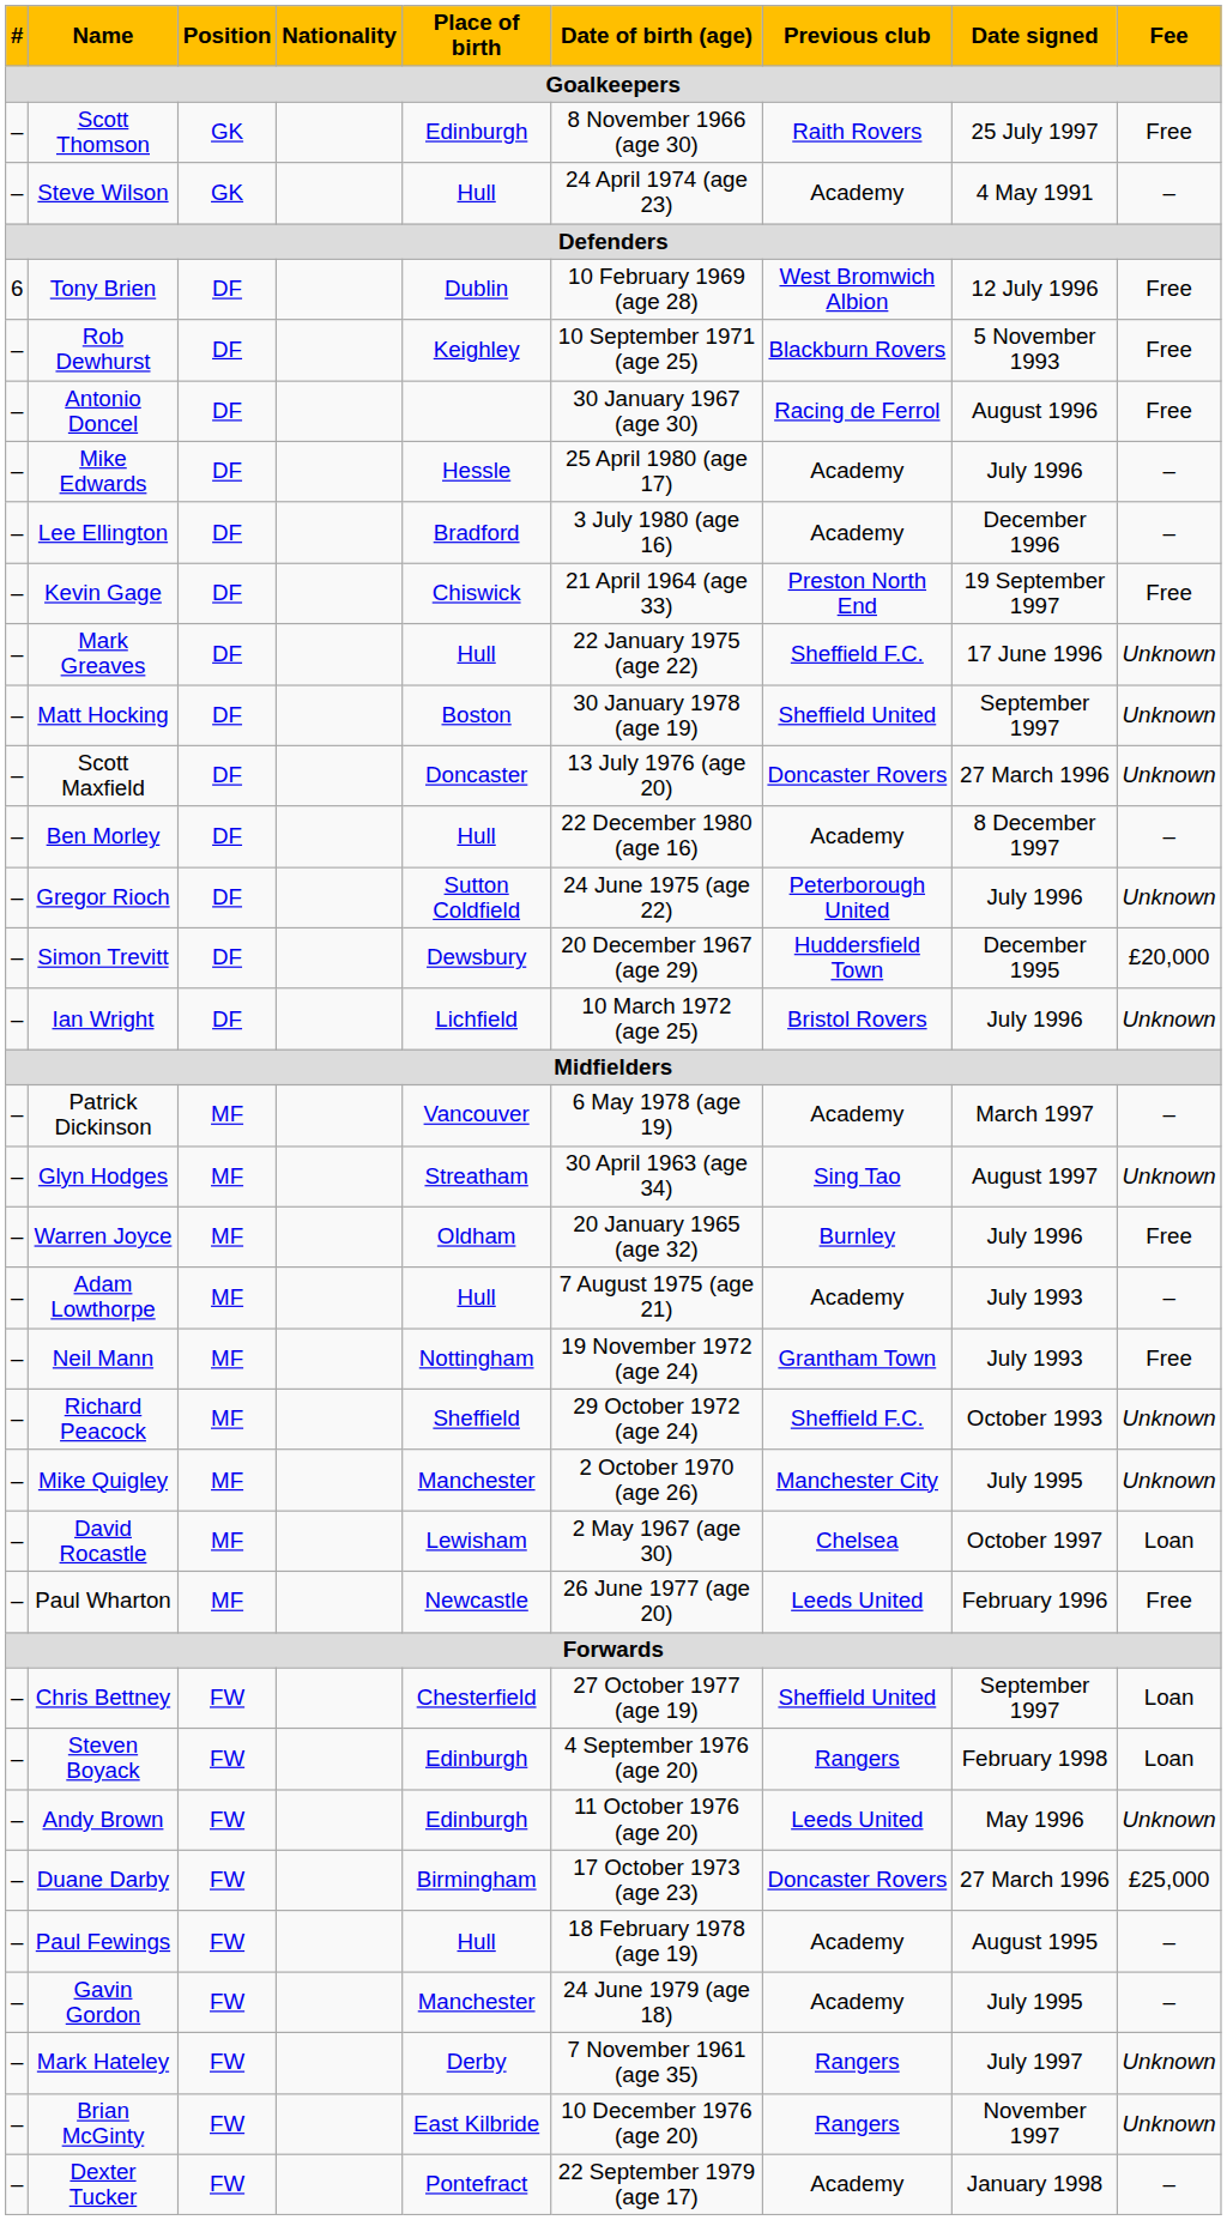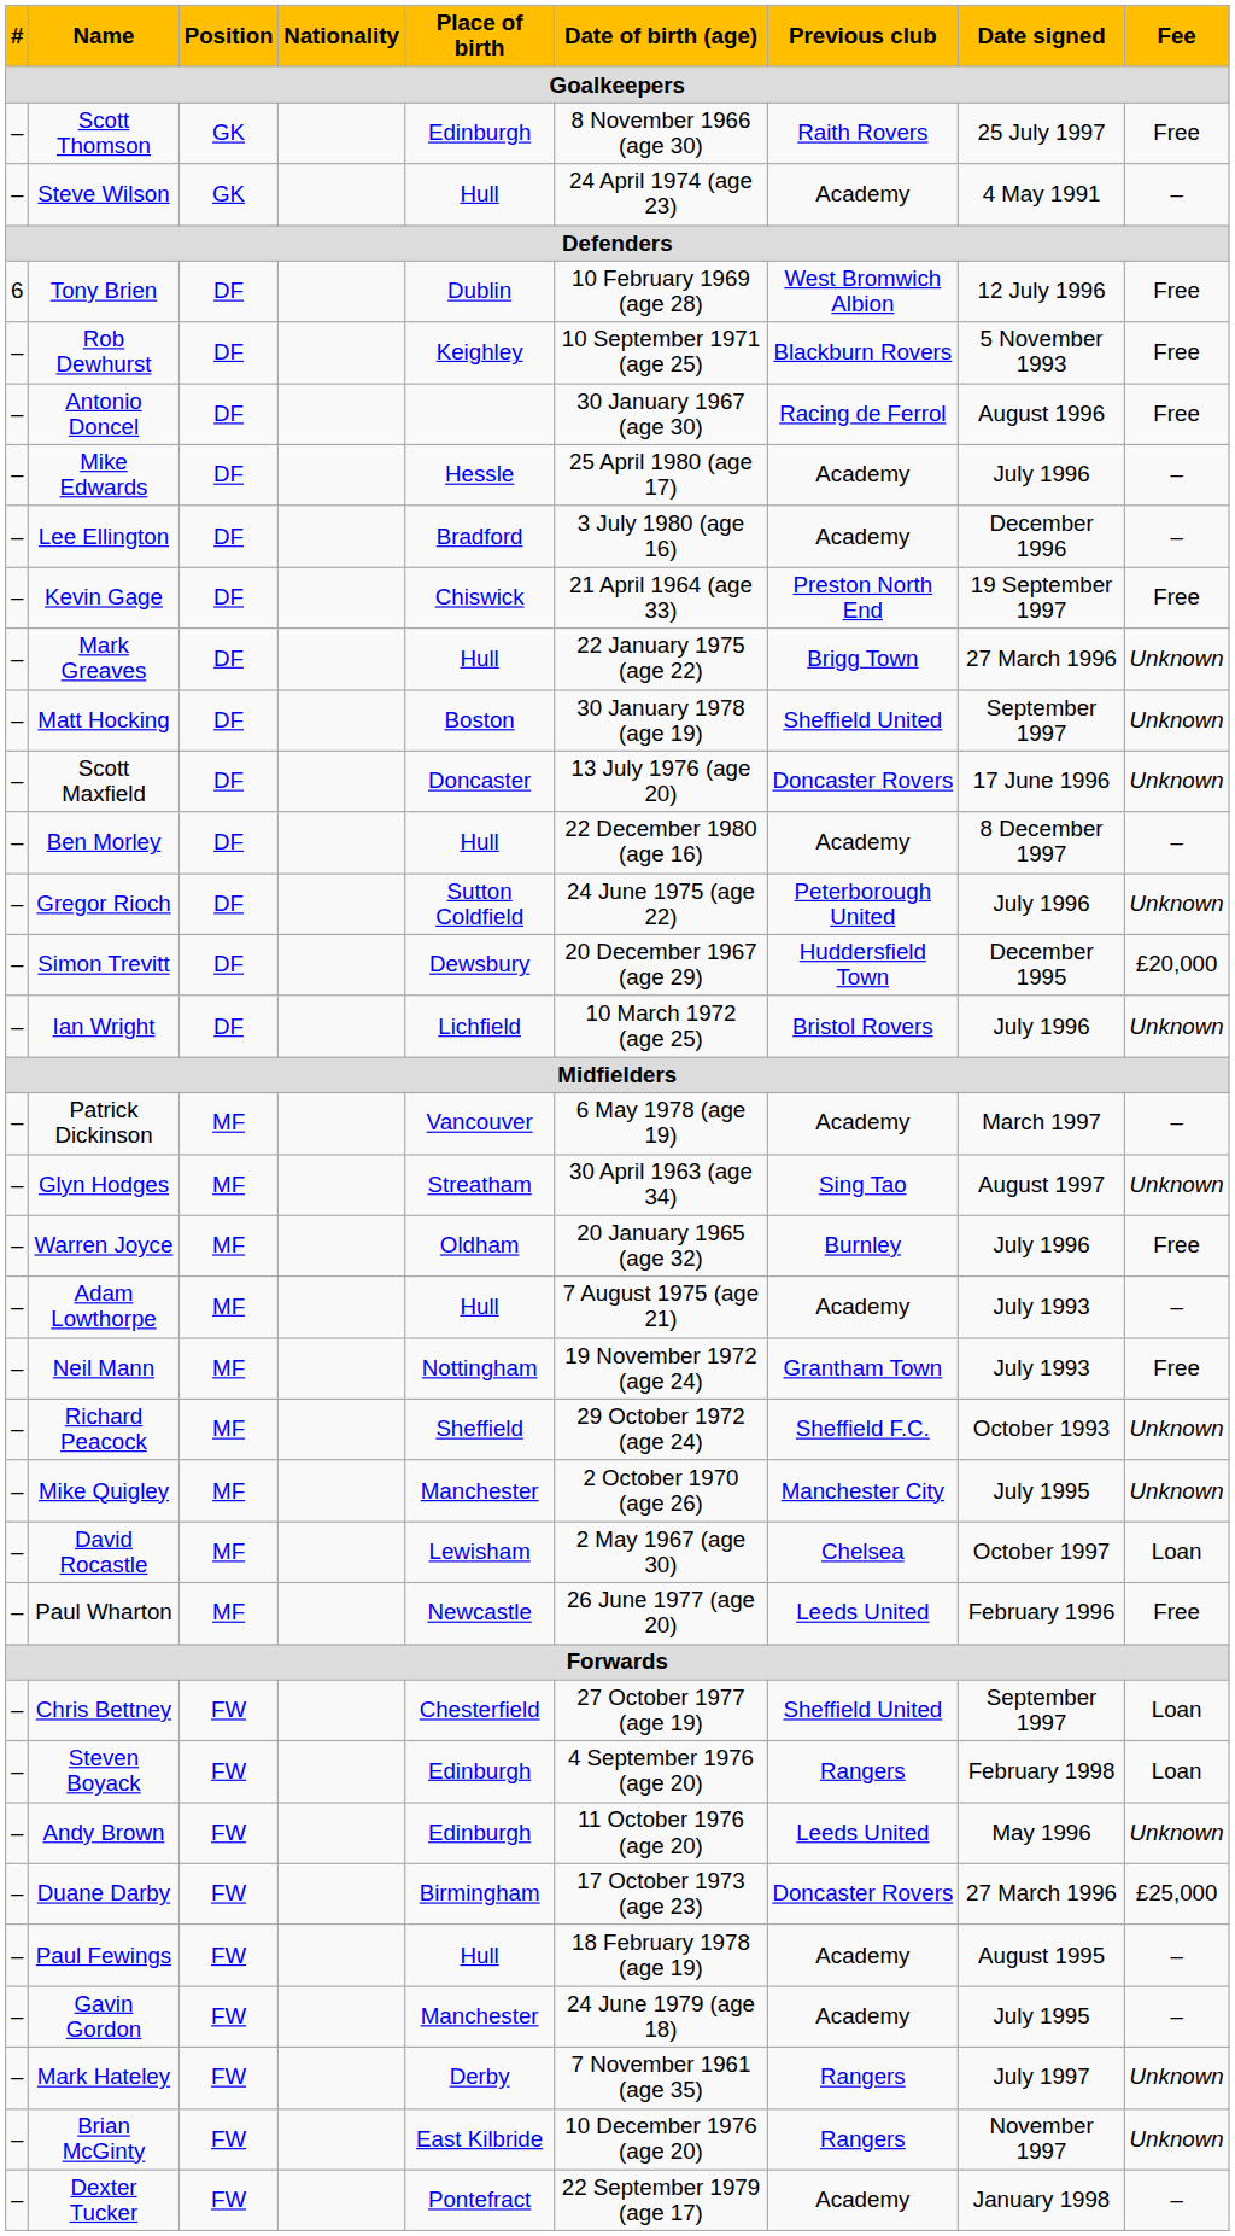 <table class="wikitable" style="text-align:center;">
 <tr>
 <th style="background:#ffbf00; color:#000000;">#</th>
 <th style="background:#ffbf00; color:#000000;">Name</th>
 <th style="background:#ffbf00; color:#000000;">Position</th>
 <th style="background:#ffbf00; color:#000000;">Nationality</th>
 <th style="background:#ffbf00; color:#000000;">Place of birth</th>
 <th style="background:#ffbf00; color:#000000;">Date of birth (age)</th>
 <th style="background:#ffbf00; color:#000000;">Previous club</th>
 <th style="background:#ffbf00; color:#000000;">Date signed</th>
 <th style="background:#ffbf00; color:#000000;">Fee</th>
 </tr>
 <tr>
 <th colspan="14" style="background:#dcdcdc; tepxt-align:center;">Goalkeepers</th>
 </tr>
 <tr>
 <td>–</td>
 <td><a href='#'>Scott Thomson</a></td>
 <td><a href='#'>GK</a></td>
 <td></td>
 <td><a href='#'>Edinburgh</a></td>
 <td>8 November 1966 (age 30)</td>
 <td> <a href='#'>Raith Rovers</a></td>
 <td>25 July 1997</td>
 <td>Free</td>
 </tr>
 <tr>
 <td>–</td>
 <td><a href='#'>Steve Wilson</a></td>
 <td><a href='#'>GK</a></td>
 <td></td>
 <td><a href='#'>Hull</a></td>
 <td>24 April 1974 (age 23)</td>
 <td>Academy</td>
 <td>4 May 1991</td>
 <td>–</td>
 </tr>
 <tr>
 <th colspan="14" style="background:#dcdcdc; tepxt-align:center;">Defenders</th>
 </tr>
 <tr>
 <td>6</td>
 <td><a href='#'>Tony Brien</a></td>
 <td><a href='#'>DF</a></td>
 <td></td>
 <td><a href='#'>Dublin</a></td>
 <td>10 February 1969 (age 28)</td>
 <td><a href='#'>West Bromwich Albion</a></td>
 <td>12 July 1996</td>
 <td>Free</td>
 </tr>
 <tr>
 <td>–</td>
 <td><a href='#'>Rob Dewhurst</a></td>
 <td><a href='#'>DF</a></td>
 <td></td>
 <td><a href='#'>Keighley</a></td>
 <td>10 September 1971 (age 25)</td>
 <td><a href='#'>Blackburn Rovers</a></td>
 <td>5 November 1993</td>
 <td>Free</td>
 </tr>
 <tr>
 <td>–</td>
 <td><a href='#'>Antonio Doncel</a></td>
 <td><a href='#'>DF</a></td>
 <td></td>
 <td></td>
 <td>30 January 1967 (age 30)</td>
 <td> <a href='#'>Racing de Ferrol</a></td>
 <td>August 1996</td>
 <td>Free</td>
 </tr>
 <tr>
 <td>–</td>
 <td><a href='#'>Mike Edwards</a></td>
 <td><a href='#'>DF</a></td>
 <td></td>
 <td><a href='#'>Hessle</a></td>
 <td>25 April 1980 (age 17)</td>
 <td>Academy</td>
 <td>July 1996</td>
 <td>–</td>
 </tr>
 <tr>
 <td>–</td>
 <td><a href='#'>Lee Ellington</a></td>
 <td><a href='#'>DF</a></td>
 <td></td>
 <td><a href='#'>Bradford</a></td>
 <td>3 July 1980 (age 16)</td>
 <td>Academy</td>
 <td>December 1996</td>
 <td>–</td>
 </tr>
 <tr>
 <td>–</td>
 <td><a href='#'>Kevin Gage</a></td>
 <td><a href='#'>DF</a></td>
 <td></td>
 <td><a href='#'>Chiswick</a></td>
 <td>21 April 1964 (age 33)</td>
 <td><a href='#'>Preston North End</a></td>
 <td>19 September 1997</td>
 <td>Free</td>
 </tr>
 <tr>
 <td>–</td>
 <td><a href='#'>Mark Greaves</a></td>
 <td><a href='#'>DF</a></td>
 <td></td>
 <td><a href='#'>Hull</a></td>
 <td>22 January 1975 (age 22)</td>
-<td><a href='#'>Sheffield F.C.</a></td>
-<td>17 June 1996</td>
+<td><a href='#'>Brigg Town</a></td>
+<td>27 March 1996</td>
 <td><em>Unknown</em></td>
 </tr>
 <tr>
 <td>–</td>
 <td><a href='#'>Matt Hocking</a></td>
 <td><a href='#'>DF</a></td>
 <td></td>
 <td><a href='#'>Boston</a></td>
 <td>30 January 1978 (age 19)</td>
 <td><a href='#'>Sheffield United</a></td>
 <td>September 1997</td>
 <td><em>Unknown</em></td>
 </tr>
 <tr>
 <td>–</td>
 <td>Scott Maxfield</td>
 <td><a href='#'>DF</a></td>
 <td></td>
 <td><a href='#'>Doncaster</a></td>
 <td>13 July 1976 (age 20)</td>
 <td><a href='#'>Doncaster Rovers</a></td>
-<td>27 March 1996</td>
+<td>17 June 1996</td>
 <td><em>Unknown</em></td>
 </tr>
 <tr>
 <td>–</td>
 <td><a href='#'>Ben Morley</a></td>
 <td><a href='#'>DF</a></td>
 <td></td>
 <td><a href='#'>Hull</a></td>
 <td>22 December 1980 (age 16)</td>
 <td>Academy</td>
 <td>8 December 1997</td>
 <td>–</td>
 </tr>
 <tr>
 <td>–</td>
 <td><a href='#'>Gregor Rioch</a></td>
 <td><a href='#'>DF</a></td>
 <td></td>
 <td><a href='#'>Sutton Coldfield</a></td>
 <td>24 June 1975 (age 22)</td>
 <td><a href='#'>Peterborough United</a></td>
 <td>July 1996</td>
 <td><em>Unknown</em></td>
 </tr>
 <tr>
 <td>–</td>
 <td><a href='#'>Simon Trevitt</a></td>
 <td><a href='#'>DF</a></td>
 <td></td>
 <td><a href='#'>Dewsbury</a></td>
 <td>20 December 1967 (age 29)</td>
 <td><a href='#'>Huddersfield Town</a></td>
 <td>December 1995</td>
 <td>£20,000</td>
 </tr>
 <tr>
 <td>–</td>
 <td><a href='#'>Ian Wright</a></td>
 <td><a href='#'>DF</a></td>
 <td></td>
 <td><a href='#'>Lichfield</a></td>
 <td>10 March 1972 (age 25)</td>
 <td><a href='#'>Bristol Rovers</a></td>
 <td>July 1996</td>
 <td><em>Unknown</em></td>
 </tr>
 <tr>
 <th colspan="14" style="background:#dcdcdc; tepxt-align:center;">Midfielders</th>
 </tr>
 <tr>
 <td>–</td>
 <td>Patrick Dickinson</td>
 <td><a href='#'>MF</a></td>
 <td></td>
 <td><a href='#'>Vancouver</a></td>
 <td>6 May 1978 (age 19)</td>
 <td>Academy</td>
 <td>March 1997</td>
 <td>–</td>
 </tr>
 <tr>
 <td>–</td>
 <td><a href='#'>Glyn Hodges</a></td>
 <td><a href='#'>MF</a></td>
 <td></td>
 <td> <a href='#'>Streatham</a></td>
 <td>30 April 1963 (age 34)</td>
 <td> <a href='#'>Sing Tao</a></td>
 <td>August 1997</td>
 <td><em>Unknown</em></td>
 </tr>
 <tr>
 <td>–</td>
 <td><a href='#'>Warren Joyce</a></td>
 <td><a href='#'>MF</a></td>
 <td></td>
 <td><a href='#'>Oldham</a></td>
 <td>20 January 1965 (age 32)</td>
 <td><a href='#'>Burnley</a></td>
 <td>July 1996</td>
 <td>Free</td>
 </tr>
 <tr>
 <td>–</td>
 <td><a href='#'>Adam Lowthorpe</a></td>
 <td><a href='#'>MF</a></td>
 <td></td>
 <td><a href='#'>Hull</a></td>
 <td>7 August 1975 (age 21)</td>
 <td>Academy</td>
 <td>July 1993</td>
 <td>–</td>
 </tr>
 <tr>
 <td>–</td>
 <td><a href='#'>Neil Mann</a></td>
 <td><a href='#'>MF</a></td>
 <td></td>
 <td> <a href='#'>Nottingham</a></td>
 <td>19 November 1972 (age 24)</td>
 <td><a href='#'>Grantham Town</a></td>
 <td>July 1993</td>
 <td>Free</td>
 </tr>
 <tr>
 <td>–</td>
 <td><a href='#'>Richard Peacock</a></td>
 <td><a href='#'>MF</a></td>
 <td></td>
 <td><a href='#'>Sheffield</a></td>
 <td>29 October 1972 (age 24)</td>
 <td><a href='#'>Sheffield F.C.</a></td>
 <td>October 1993</td>
 <td><em>Unknown</em></td>
 </tr>
 <tr>
 <td>–</td>
 <td><a href='#'>Mike Quigley</a></td>
 <td><a href='#'>MF</a></td>
 <td></td>
 <td><a href='#'>Manchester</a></td>
 <td>2 October 1970 (age 26)</td>
 <td><a href='#'>Manchester City</a></td>
 <td>July 1995</td>
 <td><em>Unknown</em></td>
 </tr>
 <tr>
 <td>–</td>
 <td><a href='#'>David Rocastle</a></td>
 <td><a href='#'>MF</a></td>
 <td></td>
 <td><a href='#'>Lewisham</a></td>
 <td>2 May 1967 (age 30)</td>
 <td><a href='#'>Chelsea</a></td>
 <td>October 1997</td>
 <td>Loan</td>
 </tr>
 <tr>
 <td>–</td>
 <td>Paul Wharton</td>
 <td><a href='#'>MF</a></td>
 <td></td>
 <td><a href='#'>Newcastle</a></td>
 <td>26 June 1977 (age 20)</td>
 <td><a href='#'>Leeds United</a></td>
 <td>February 1996</td>
 <td>Free</td>
 </tr>
 <tr>
 <th colspan="14" style="background:#dcdcdc; tepxt-align:center;">Forwards</th>
 </tr>
 <tr>
 <td>–</td>
 <td><a href='#'>Chris Bettney</a></td>
 <td><a href='#'>FW</a></td>
 <td></td>
 <td><a href='#'>Chesterfield</a></td>
 <td>27 October 1977 (age 19)</td>
 <td><a href='#'>Sheffield United</a></td>
 <td>September 1997</td>
 <td>Loan</td>
 </tr>
 <tr>
 <td>–</td>
 <td><a href='#'>Steven Boyack</a></td>
 <td><a href='#'>FW</a></td>
 <td></td>
 <td><a href='#'>Edinburgh</a></td>
 <td>4 September 1976 (age 20)</td>
 <td> <a href='#'>Rangers</a></td>
 <td>February 1998</td>
 <td>Loan</td>
 </tr>
 <tr>
 <td>–</td>
 <td><a href='#'>Andy Brown</a></td>
 <td><a href='#'>FW</a></td>
 <td></td>
 <td><a href='#'>Edinburgh</a></td>
 <td>11 October 1976 (age 20)</td>
 <td><a href='#'>Leeds United</a></td>
 <td>May 1996</td>
 <td><em>Unknown</em></td>
 </tr>
 <tr>
 <td>–</td>
 <td><a href='#'>Duane Darby</a></td>
 <td><a href='#'>FW</a></td>
 <td></td>
 <td><a href='#'>Birmingham</a></td>
 <td>17 October 1973 (age 23)</td>
 <td><a href='#'>Doncaster Rovers</a></td>
 <td>27 March 1996</td>
 <td>£25,000</td>
 </tr>
 <tr>
 <td>–</td>
 <td><a href='#'>Paul Fewings</a></td>
 <td><a href='#'>FW</a></td>
 <td></td>
 <td><a href='#'>Hull</a></td>
 <td>18 February 1978 (age 19)</td>
 <td>Academy</td>
 <td>August 1995</td>
 <td>–</td>
 </tr>
 <tr>
 <td>–</td>
 <td><a href='#'>Gavin Gordon</a></td>
 <td><a href='#'>FW</a></td>
 <td></td>
 <td><a href='#'>Manchester</a></td>
 <td>24 June 1979 (age 18)</td>
 <td>Academy</td>
 <td>July 1995</td>
 <td>–</td>
 </tr>
 <tr>
 <td>–</td>
 <td><a href='#'>Mark Hateley</a></td>
 <td><a href='#'>FW</a></td>
 <td></td>
 <td><a href='#'>Derby</a></td>
 <td>7 November 1961 (age 35)</td>
 <td> <a href='#'>Rangers</a></td>
 <td>July 1997</td>
 <td><em>Unknown</em></td>
 </tr>
 <tr>
 <td>–</td>
 <td><a href='#'>Brian McGinty</a></td>
 <td><a href='#'>FW</a></td>
 <td></td>
 <td><a href='#'>East Kilbride</a></td>
 <td>10 December 1976 (age 20)</td>
 <td> <a href='#'>Rangers</a></td>
 <td>November 1997</td>
 <td><em>Unknown</em></td>
 </tr>
 <tr>
 <td>–</td>
 <td><a href='#'>Dexter Tucker</a></td>
 <td><a href='#'>FW</a></td>
 <td></td>
 <td><a href='#'>Pontefract</a></td>
 <td>22 September 1979 (age 17)</td>
 <td>Academy</td>
 <td>January 1998</td>
 <td>–</td>
 </tr>
 </table>
